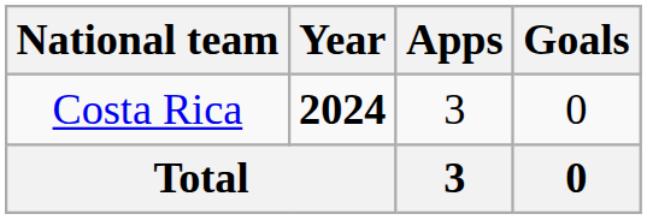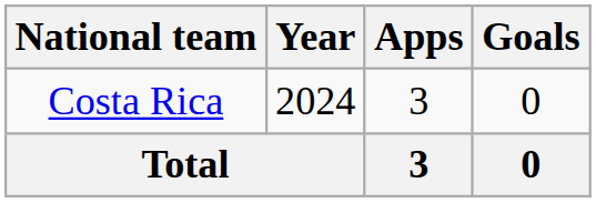 <table class=wikitable style=text-align:center>
 <tr>
 <th>National team</th>
 <th>Year</th>
 <th>Apps</th>
 <th>Goals</th>
 </tr>
 <tr>
 <td rowspan="1"><a href='#'>Costa Rica</a></td>
-<td><strong>2024</strong></td>
+<td>2024</td>
 <td>3</td>
 <td>0</td>
 </tr>
 <tr>
 <th colspan="2">Total</th>
 <th>3</th>
 <th>0</th>
 </tr>
 </table>
